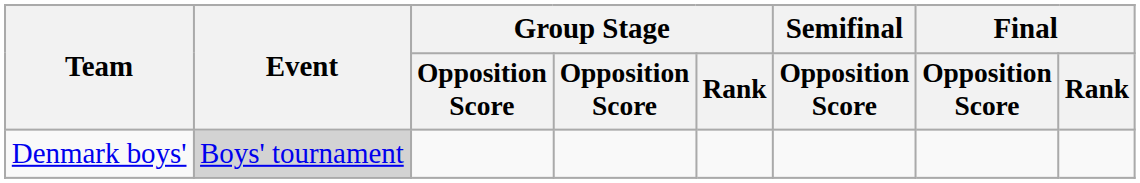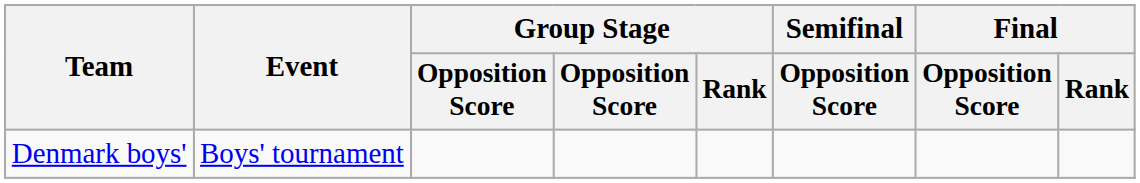 <table class="wikitable" style="font-size:90%">
 <tr>
 <th rowspan=2>Team</th>
 <th rowspan=2>Event</th>
 <th colspan=3>Group Stage</th>
 <th>Semifinal</th>
 <th colspan=2>Final</th>
 </tr>
 <tr style="font-size:95%">
 <th>Opposition<br>Score</th>
 <th>Opposition<br>Score</th>
 <th>Rank</th>
 <th>Opposition<br>Score</th>
 <th>Opposition<br>Score</th>
 <th>Rank</th>
 </tr>
 <tr align=center>
 <td align=left><a href='#'>Denmark boys'</a></td>
-<td align=left style="background: lightgrey;"><a href='#'>Boys' tournament</a></td>
+<td align=left><a href='#'>Boys' tournament</a></td>
 <td></td>
 <td></td>
 <td></td>
 <td></td>
 <td></td>
 <td></td>
 </tr>
 </table>
